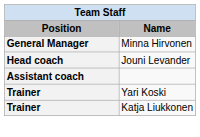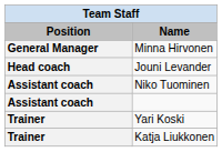 <table class="wikitable" style="text-align:left; font-size:90%;">
 <tr>
 <th style=background:#CEE0F2 colspan=2><span>Team Staff</span></th>
 </tr>
 <tr>
 <th width=60% style="background:silver;">Position</th>
 <th style="background:silver;">Name</th>
 </tr>
 <tr>
 <th style="text-align:left;">General Manager</th>
 <td>Minna Hirvonen</td>
 </tr>
 <tr>
 <th style="text-align:left;">Head coach</th>
 <td>Jouni Levander</td>
 </tr>
 <tr>
 <th style="text-align:left;">Assistant coach</th>
+<td>Niko Tuominen</td>
+</tr>
+<tr>
+<th style="text-align:left;">Assistant coach</th>
 <td></td>
 </tr>
 <tr>
 <th style="text-align:left;">Trainer</th>
 <td>Yari Koski</td>
 </tr>
 <tr>
 <th style="text-align:left;">Trainer</th>
 <td>Katja Liukkonen</td>
 </tr>
 </table>
